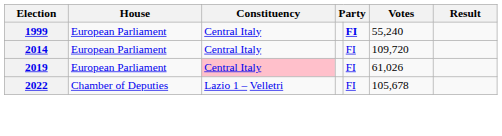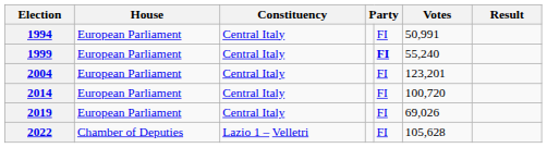 <table class=wikitable style="width:55%; border:1px #AAAAFF solid">
 <tr>
 <th width=12%>Election</th>
 <th width=25%>House</th>
 <th width=25%>Constituency</th>
 <th width=5% colspan="2">Party</th>
 <th width=12%>Votes</th>
 <th width=12%>Result</th>
+</tr>
+<tr>
+<th><a href='#'>1994</a></th>
+<td><a href='#'>European Parliament</a></td>
+<td><a href='#'>Central Italy</a></td>
+<td></td>
+<td><a href='#'>FI</a></td>
+<td>50,991</td>
+<td></td>
 </tr>
 <tr>
 <th><a href='#'>1999</a></th>
 <td><a href='#'>European Parliament</a></td>
 <td><a href='#'>Central Italy</a></td>
 <td></td>
 <td><strong><a href='#'>FI</a></strong></td>
 <td>55,240</td>
 <td></td>
 </tr>
 <tr>
+<th><a href='#'>2004</a></th>
+<td><a href='#'>European Parliament</a></td>
+<td><a href='#'>Central Italy</a></td>
+<td></td>
+<td><a href='#'>FI</a></td>
+<td>123,201</td>
+<td></td>
+</tr>
+<tr>
 <th><a href='#'>2014</a></th>
 <td><a href='#'>European Parliament</a></td>
 <td><a href='#'>Central Italy</a></td>
 <td></td>
 <td><a href='#'>FI</a></td>
-<td>109,720</td>
+<td>100,720</td>
 <td></td>
 </tr>
 <tr>
 <th><a href='#'>2019</a></th>
 <td><a href='#'>European Parliament</a></td>
-<td style="background: pink;"><a href='#'>Central Italy</a></td>
+<td><a href='#'>Central Italy</a></td>
 <td></td>
 <td><a href='#'>FI</a></td>
-<td>61,026</td>
+<td>69,026</td>
 <td></td>
 </tr>
 <tr>
 <th><a href='#'>2022</a></th>
 <td><a href='#'>Chamber of Deputies</a></td>
 <td><a href='#'>Lazio 1 –</a> <a href='#'>Velletri</a></td>
 <td></td>
 <td><a href='#'>FI</a></td>
-<td>105,678</td>
+<td>105,628</td>
 <td></td>
 </tr>
 </table>
